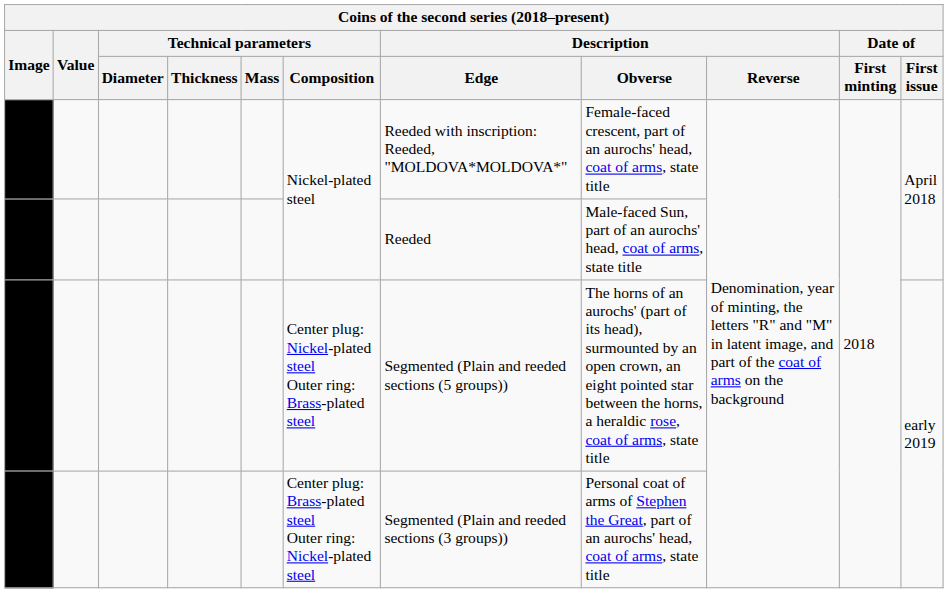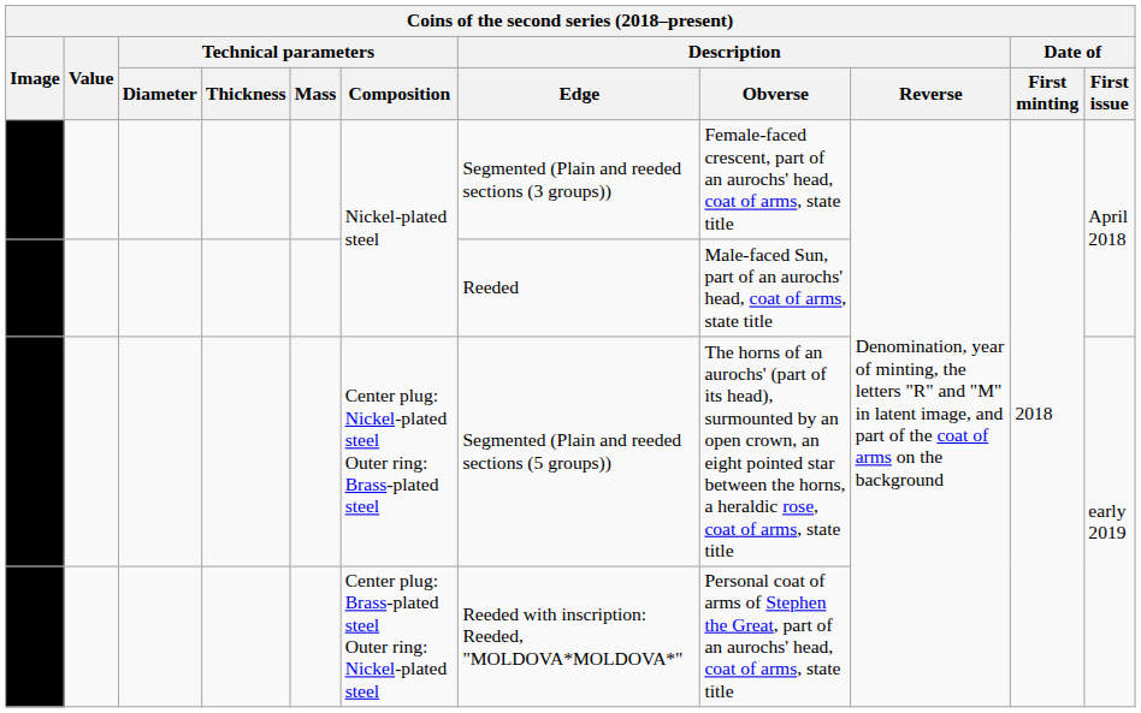 <table class="wikitable" style="font-size: 90%">
 <tr>
 <th colspan="11">Coins of the second series (2018–present)</th>
 </tr>
 <tr>
 <th rowspan="2">Image</th>
 <th rowspan="2">Value</th>
 <th colspan="4">Technical parameters</th>
 <th colspan="3">Description</th>
 <th colspan="2">Date of</th>
 </tr>
 <tr>
 <th>Diameter</th>
 <th>Thickness</th>
 <th>Mass</th>
 <th>Composition</th>
 <th>Edge</th>
 <th>Obverse</th>
 <th>Reverse</th>
 <th>First minting</th>
 <th>First issue</th>
 </tr>
 <tr>
 <td style="text-align:center; background:" bgcolor="#000000"></td>
 <td></td>
 <td></td>
 <td></td>
 <td></td>
 <td rowspan=2>Nickel-plated steel</td>
-<td>Reeded with inscription: Reeded, "MOLDOVA*MOLDOVA*"</td>
+<td>Segmented (Plain and reeded sections (3 groups))</td>
 <td>Female-faced crescent, part of an aurochs' head, <a href='#'>coat of arms</a>, state title</td>
 <td rowspan=4>Denomination, year of minting, the letters "R" and "M" in latent image, and part of the <a href='#'>coat of arms</a> on the background</td>
 <td rowspan=4>2018</td>
 <td rowspan=2>April 2018</td>
 </tr>
 <tr>
 <td style="text-align:center; background:" bgcolor="#000000"></td>
 <td></td>
 <td></td>
 <td></td>
 <td></td>
 <td>Reeded</td>
 <td>Male-faced Sun, part of an aurochs' head, <a href='#'>coat of arms</a>, state title</td>
 </tr>
 <tr>
 <td style="text-align:center; background:" bgcolor="#000000"></td>
 <td></td>
 <td></td>
 <td></td>
 <td></td>
 <td>Center plug: <a href='#'>Nickel</a>-plated <a href='#'>steel</a><br>Outer ring: <a href='#'>Brass</a>-plated <a href='#'>steel</a></td>
 <td>Segmented (Plain and reeded sections (5 groups))</td>
 <td>The horns of an aurochs' (part of its head), surmounted by an open crown, an eight pointed star between the horns, a heraldic <a href='#'>rose</a>, <a href='#'>coat of arms</a>, state title</td>
 <td rowspan=2>early 2019</td>
 </tr>
 <tr>
 <td style="text-align:center; background:" bgcolor="#000000"></td>
 <td></td>
 <td></td>
 <td></td>
 <td></td>
 <td>Center plug: <a href='#'>Brass</a>-plated <a href='#'>steel</a><br>Outer ring: <a href='#'>Nickel</a>-plated <a href='#'>steel</a></td>
-<td>Segmented (Plain and reeded sections (3 groups))</td>
+<td>Reeded with inscription: Reeded, "MOLDOVA*MOLDOVA*"</td>
 <td>Personal coat of arms of <a href='#'>Stephen the Great</a>, part of an aurochs' head, <a href='#'>coat of arms</a>, state title</td>
 </tr>
 </table>
